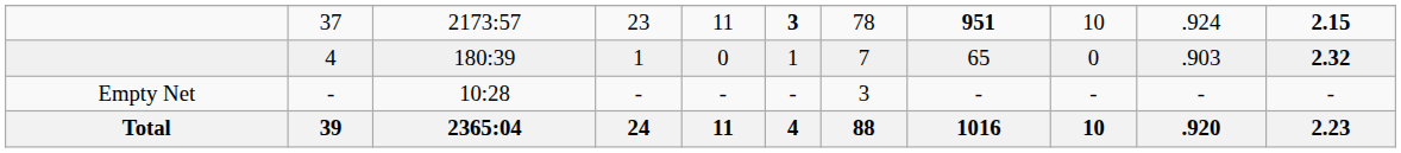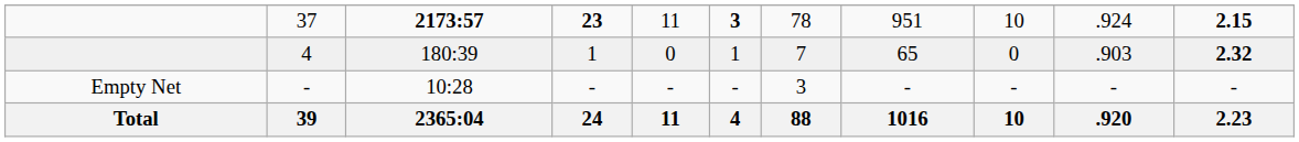 <table class="wikitable sortable" width ="1000">
 <tr align="center">
 </tr>
 <tr align="center" bgcolor="">
 <td></td>
 <td>37</td>
-<td>2173:57</td>
-<td>23</td>
+<td><strong>2173:57</strong></td>
+<td><strong>23</strong></td>
 <td>11</td>
 <td><strong>3</strong></td>
 <td>78</td>
-<td><strong>951</strong></td>
+<td>951</td>
 <td>10</td>
 <td>.924</td>
 <td><strong>2.15</strong></td>
 </tr>
 <tr align="center" bgcolor="f0f0f0">
 <td></td>
 <td>4</td>
 <td>180:39</td>
 <td>1</td>
 <td>0</td>
 <td>1</td>
 <td>7</td>
 <td>65</td>
 <td>0</td>
 <td>.903</td>
 <td><strong>2.32</strong></td>
 </tr>
 <tr align="center" bgcolor="">
 <td>Empty Net</td>
 <td>-</td>
 <td>10:28</td>
 <td>-</td>
 <td>-</td>
 <td>-</td>
 <td>3</td>
 <td>-</td>
 <td>-</td>
 <td>-</td>
 <td>-</td>
 </tr>
 <tr>
 <th>Total</th>
 <th>39</th>
 <th>2365:04</th>
 <th>24</th>
 <th>11</th>
 <th>4</th>
 <th>88</th>
 <th>1016</th>
 <th>10</th>
 <th>.920</th>
 <th>2.23</th>
 </tr>
 </table>
